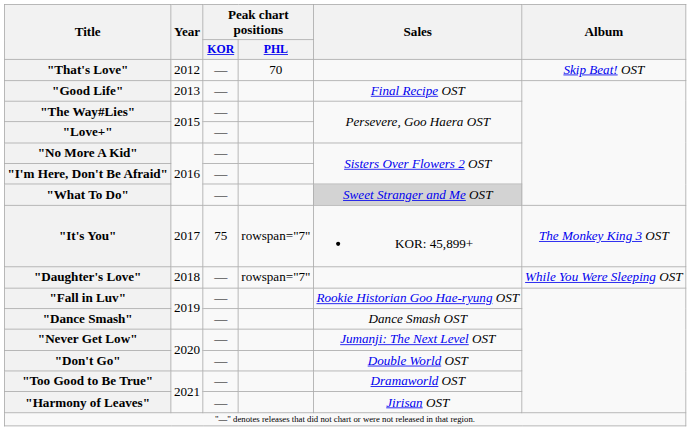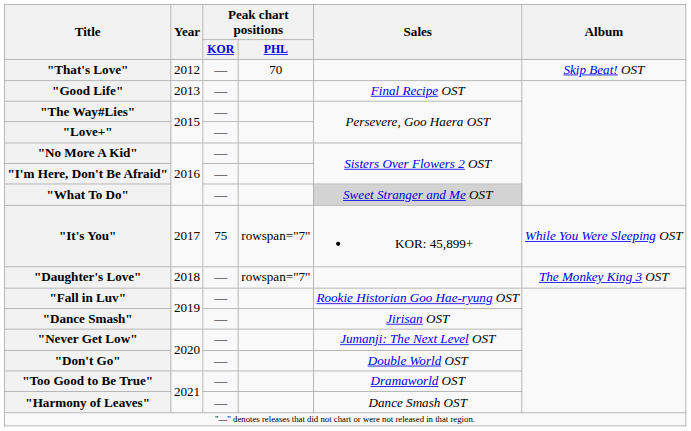 <table class="wikitable plainrowheaders" style="text-align:center;">
 <tr>
 <th rowspan="2">Title</th>
 <th rowspan="2">Year</th>
 <th colspan="2">Peak chart positions</th>
 <th rowspan="2">Sales </th>
 <th rowspan="2">Album</th>
 </tr>
 <tr>
 <th style="width:2.5em;font-size:90%;"><a href='#'>KOR</a><br></th>
 <th style="width:2.5em;font-size:90%;"><a href='#'>PHL</a><br></th>
 </tr>
 <tr>
 <th scope="row">"That's Love" </th>
 <td>2012</td>
 <td>—</td>
 <td>70</td>
 <td></td>
 <td><em><a href='#'>Skip Beat!</a> OST</em></td>
 </tr>
 <tr>
 <th scope="row">"Good Life" </th>
 <td>2013</td>
 <td>—</td>
 <td></td>
 <td><em><a href='#'>Final Recipe</a> OST</em></td>
 </tr>
 <tr>
 <th scope="row">"The Way#Lies"</th>
 <td rowspan="2">2015</td>
 <td>—</td>
 <td></td>
 <td rowspan="2"><em>Persevere, Goo Haera OST</em></td>
 </tr>
 <tr>
 <th scope="row">"Love+" </th>
 <td>—</td>
 <td></td>
 </tr>
 <tr>
 <th scope="row">"No More A Kid" </th>
 <td rowspan=3>2016</td>
 <td>—</td>
 <td></td>
 <td rowspan=2><em><a href='#'>Sisters Over Flowers 2</a> OST</em></td>
 </tr>
 <tr>
 <th scope="row">"I'm Here, Don't Be Afraid" </th>
 <td>—</td>
 <td></td>
 </tr>
 <tr>
 <th scope="row">"What To Do" </th>
 <td>—</td>
 <td></td>
 <td style="background: lightgrey;"><em><a href='#'>Sweet Stranger and Me</a> OST</em></td>
 </tr>
 <tr>
 <th scope="row">"It's You"</th>
 <td>2017</td>
 <td>75</td>
 <td>rowspan="7" </td>
 <td><br><ul><li>KOR: 45,899+</li></ul></td>
-<td><em><a href='#'>The Monkey King 3</a> OST</em></td>
+<td><em><a href='#'>While You Were Sleeping</a> OST</em></td>
 </tr>
 <tr>
 <th scope="row">"Daughter's Love" </th>
 <td>2018</td>
 <td>—</td>
 <td>rowspan="7" </td>
 <td></td>
-<td><em><a href='#'>While You Were Sleeping</a> OST</em></td>
+<td><em><a href='#'>The Monkey King 3</a> OST</em></td>
 </tr>
 <tr>
 <th scope="row">"Fall in Luv"</th>
 <td rowspan="2">2019</td>
 <td>—</td>
 <td></td>
 <td><em><a href='#'>Rookie Historian Goo Hae-ryung</a> OST</em></td>
 </tr>
 <tr>
 <th scope="row">"Dance Smash" </th>
 <td>—</td>
 <td></td>
-<td><em>Dance Smash OST</em></td>
+<td><em><a href='#'>Jirisan</a> OST</em></td>
 </tr>
 <tr>
 <th scope="row">"Never Get Low" <br></th>
 <td rowspan="2">2020</td>
 <td>—</td>
 <td></td>
 <td><em><a href='#'>Jumanji: The Next Level</a> OST</em></td>
 </tr>
 <tr>
 <th scope="row">"Don't Go" </th>
 <td>—</td>
 <td></td>
 <td><em><a href='#'>Double World</a> OST</em></td>
 </tr>
 <tr>
 <th scope="row">"Too Good to Be True" </th>
 <td rowspan="2">2021</td>
 <td>—</td>
 <td></td>
 <td><em><a href='#'>Dramaworld</a> OST</em></td>
 </tr>
 <tr>
 <th scope="row">"Harmony of Leaves" </th>
 <td>—</td>
 <td></td>
-<td><em><a href='#'>Jirisan</a> OST</em></td>
+<td><em>Dance Smash OST</em></td>
 </tr>
 <tr>
 <td colspan="7" style="font-size:8pt;">"—" denotes releases that did not chart or were not released in that region.</td>
 </tr>
 </table>
